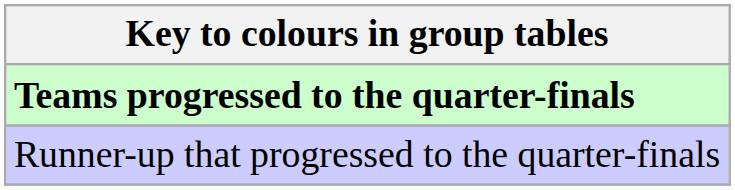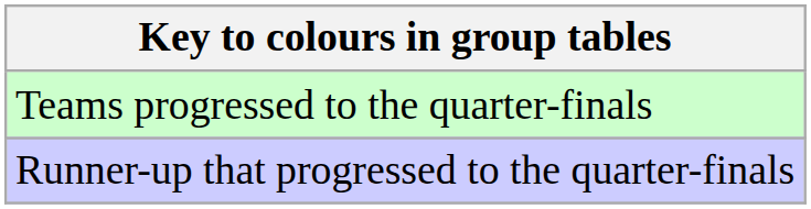 <table class="wikitable">
 <tr>
 <th>Key to colours in group tables</th>
 </tr>
 <tr bgcolor=#ccffcc>
-<td><strong>Teams progressed to the quarter-finals</strong></td>
+<td>Teams progressed to the quarter-finals</td>
 </tr>
 <tr bgcolor=#ccccff>
 <td>Runner-up that progressed to the quarter-finals</td>
 </tr>
 </table>
